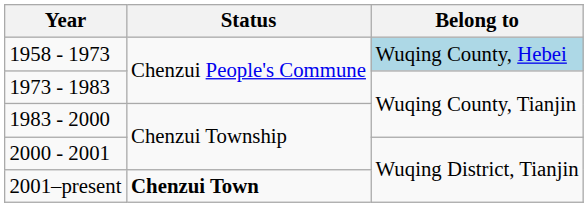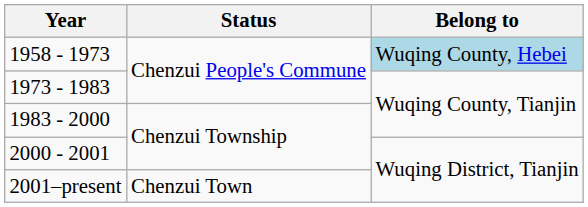 <table class="wikitable">
 <tr>
 <th>Year</th>
 <th>Status</th>
 <th>Belong to</th>
 </tr>
 <tr>
 <td>1958 - 1973</td>
 <td rowspan="2">Chenzui <a href='#'>People's Commune</a></td>
 <td style="background: lightblue;">Wuqing County, <a href='#'>Hebei</a></td>
 </tr>
 <tr>
 <td>1973 - 1983</td>
 <td rowspan="2">Wuqing County, Tianjin</td>
 </tr>
 <tr>
 <td>1983 - 2000</td>
 <td rowspan="2">Chenzui Township</td>
 </tr>
 <tr>
 <td>2000 - 2001</td>
 <td rowspan="2">Wuqing District, Tianjin</td>
 </tr>
 <tr>
 <td>2001–present</td>
-<td><strong>Chenzui Town</strong></td>
+<td>Chenzui Town</td>
 </tr>
 </table>
